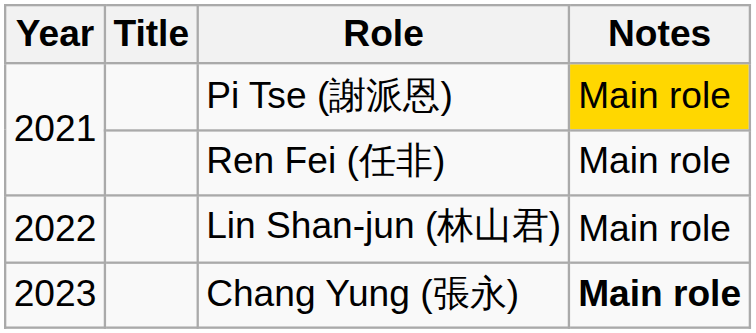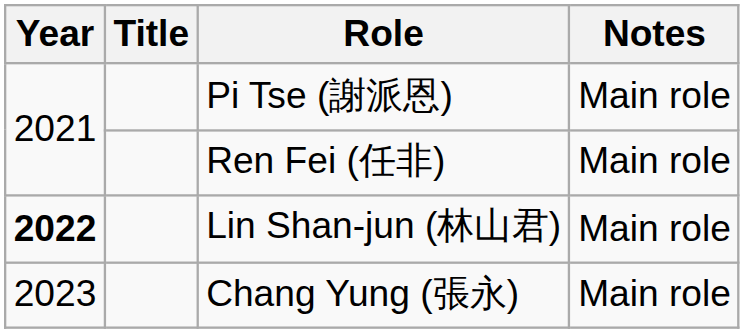 <table class="wikitable">
 <tr>
 <th>Year</th>
 <th>Title</th>
 <th>Role</th>
 <th>Notes</th>
 </tr>
 <tr>
 <td rowspan="2">2021</td>
 <td><em></em></td>
 <td>Pi Tse (謝派恩)</td>
-<td style="background: gold;">Main role</td>
+<td>Main role</td>
 </tr>
 <tr>
 <td><em></em></td>
 <td>Ren Fei (任非)</td>
 <td>Main role</td>
 </tr>
 <tr>
-<td>2022</td>
+<td><strong>2022</strong></td>
 <td><em></em></td>
 <td>Lin Shan-jun (林山君)</td>
 <td>Main role</td>
 </tr>
 <tr>
 <td>2023</td>
 <td><em></em></td>
 <td>Chang Yung (張永)</td>
-<td><strong>Main role</strong></td>
+<td>Main role</td>
 </tr>
 </table>
